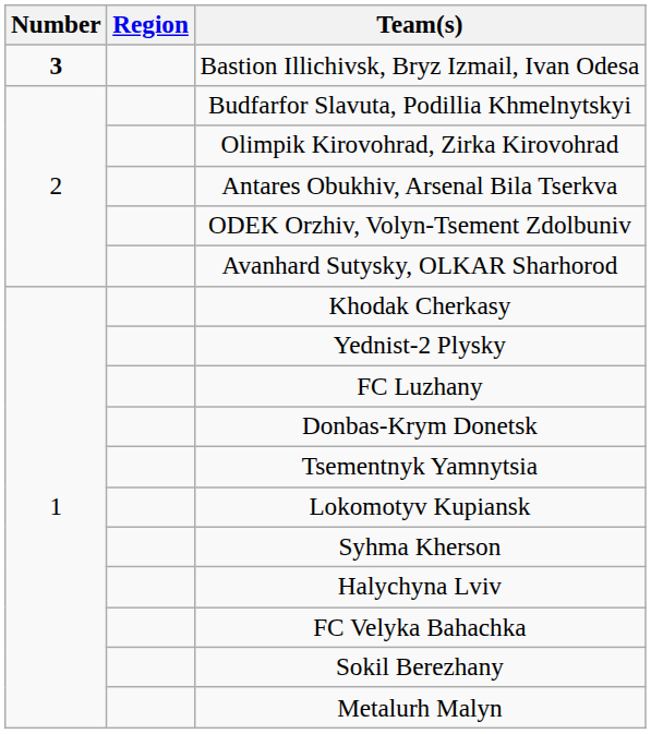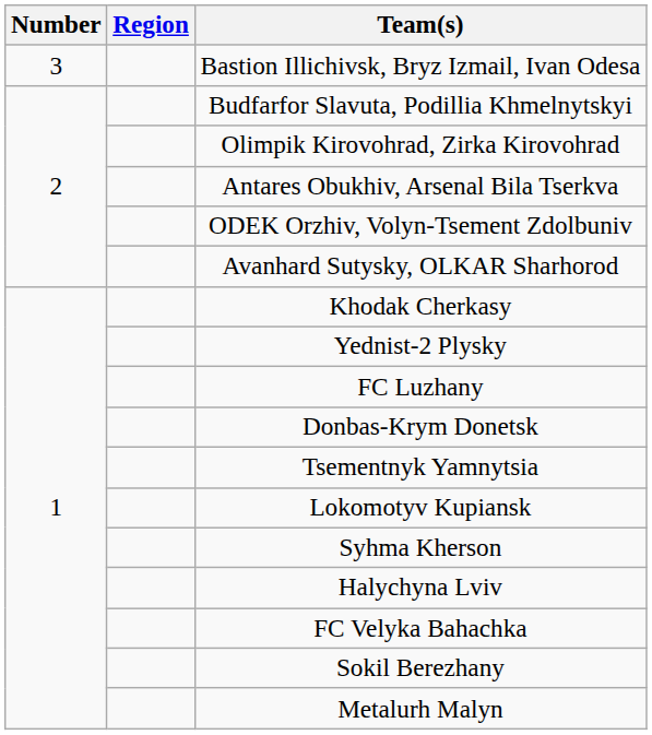 <table class="wikitable" style="text-align:center">
 <tr>
 <th>Number</th>
 <th><a href='#'>Region</a></th>
 <th>Team(s)</th>
 </tr>
 <tr>
-<td rowspan="1"><strong>3</strong></td>
+<td rowspan="1">3</td>
 <td align="left"></td>
 <td>Bastion Illichivsk, Bryz Izmail, Ivan Odesa</td>
 </tr>
 <tr>
 <td rowspan="5">2</td>
 <td align="left"></td>
 <td>Budfarfor Slavuta, Podillia Khmelnytskyi</td>
 </tr>
 <tr>
 <td align="left"></td>
 <td>Olimpik Kirovohrad, Zirka Kirovohrad</td>
 </tr>
 <tr>
 <td align="left"></td>
 <td>Antares Obukhiv, Arsenal Bila Tserkva</td>
 </tr>
 <tr>
 <td align="left"></td>
 <td>ODEK Orzhiv, Volyn-Tsement Zdolbuniv</td>
 </tr>
 <tr>
 <td align="left"></td>
 <td>Avanhard Sutysky, OLKAR Sharhorod</td>
 </tr>
 <tr>
 <td rowspan="16">1</td>
 <td align="left"></td>
 <td>Khodak Cherkasy</td>
 </tr>
 <tr>
 <td align="left"></td>
 <td>Yednist-2 Plysky</td>
 </tr>
 <tr>
 <td align="left"></td>
 <td>FC Luzhany</td>
 </tr>
 <tr>
 <td align="left"></td>
 <td>Donbas-Krym Donetsk</td>
 </tr>
 <tr>
 <td align="left"></td>
 <td>Tsementnyk Yamnytsia</td>
 </tr>
 <tr>
 <td align="left"></td>
 <td>Lokomotyv Kupiansk</td>
 </tr>
 <tr>
 <td align="left"></td>
 <td>Syhma Kherson</td>
 </tr>
 <tr>
 <td align="left"></td>
 <td>Halychyna Lviv</td>
 </tr>
 <tr>
 <td align="left"></td>
 <td>FC Velyka Bahachka</td>
 </tr>
 <tr>
 <td align="left"></td>
 <td>Sokil Berezhany</td>
 </tr>
 <tr>
 <td align="left"></td>
 <td>Metalurh Malyn</td>
 </tr>
 </table>
